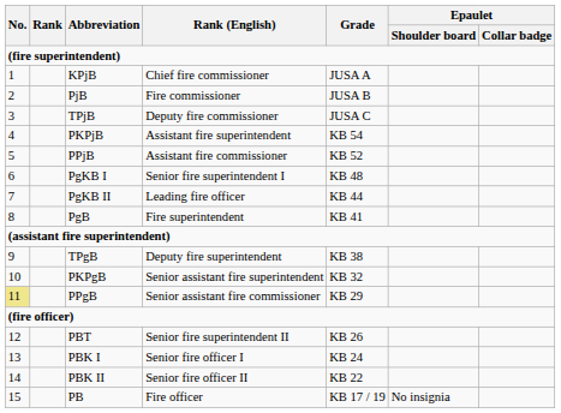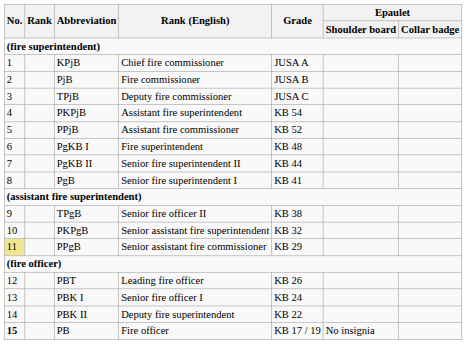 <table class="wikitable">
 <tr>
 <th rowspan="2">No.</th>
 <th rowspan="2">Rank</th>
 <th rowspan="2">Abbreviation</th>
 <th rowspan="2">Rank (English)</th>
 <th rowspan="2">Grade</th>
 <th colspan="2">Epaulet</th>
 </tr>
 <tr>
 <th>Shoulder board</th>
 <th>Collar badge</th>
 </tr>
 <tr>
 <td colspan="7"><strong> (fire superintendent)</strong></td>
 </tr>
 <tr>
 <td>1</td>
 <td></td>
 <td>KPjB</td>
 <td>Chief fire commissioner</td>
 <td>JUSA A</td>
 <td></td>
 <td></td>
 </tr>
 <tr>
 <td>2</td>
 <td></td>
 <td>PjB</td>
 <td>Fire commissioner</td>
 <td>JUSA B</td>
 <td></td>
 <td></td>
 </tr>
 <tr>
 <td>3</td>
 <td></td>
 <td>TPjB</td>
 <td>Deputy fire commissioner</td>
 <td>JUSA C</td>
 <td></td>
 <td></td>
 </tr>
 <tr>
 <td>4</td>
 <td></td>
 <td>PKPjB</td>
 <td>Assistant fire superintendent</td>
 <td>KB 54</td>
 <td></td>
 <td></td>
 </tr>
 <tr>
 <td>5</td>
 <td></td>
 <td>PPjB</td>
 <td>Assistant fire commissioner</td>
 <td>KB 52</td>
 <td></td>
 <td></td>
 </tr>
 <tr>
 <td>6</td>
 <td></td>
 <td>PgKB I</td>
-<td>Senior fire superintendent I</td>
+<td>Fire superintendent</td>
 <td>KB 48</td>
 <td></td>
 <td></td>
 </tr>
 <tr>
 <td>7</td>
 <td></td>
 <td>PgKB II</td>
-<td>Leading fire officer</td>
+<td>Senior fire superintendent II</td>
 <td>KB 44</td>
 <td></td>
 <td></td>
 </tr>
 <tr>
 <td>8</td>
 <td></td>
 <td>PgB</td>
-<td>Fire superintendent</td>
+<td>Senior fire superintendent I</td>
 <td>KB 41</td>
 <td></td>
 <td></td>
 </tr>
 <tr>
 <td colspan="7"><strong> (assistant fire superintendent)</strong></td>
 </tr>
 <tr>
 <td>9</td>
 <td></td>
 <td>TPgB</td>
-<td>Deputy fire superintendent</td>
+<td>Senior fire officer II</td>
 <td>KB 38</td>
 <td></td>
 <td></td>
 </tr>
 <tr>
 <td>10</td>
 <td></td>
 <td>PKPgB</td>
 <td>Senior assistant fire superintendent</td>
 <td>KB 32</td>
 <td></td>
 <td></td>
 </tr>
 <tr>
 <td style="background: khaki;">11</td>
 <td></td>
 <td>PPgB</td>
 <td>Senior assistant fire commissioner</td>
 <td>KB 29</td>
 <td></td>
 <td></td>
 </tr>
 <tr>
 <td colspan="7"><strong> (fire officer)</strong></td>
 </tr>
 <tr>
 <td>12</td>
 <td></td>
 <td>PBT</td>
-<td>Senior fire superintendent II</td>
+<td>Leading fire officer</td>
 <td>KB 26</td>
 <td></td>
 <td></td>
 </tr>
 <tr>
 <td>13</td>
 <td></td>
 <td>PBK I</td>
 <td>Senior fire officer I</td>
 <td>KB 24</td>
 <td></td>
 <td></td>
 </tr>
 <tr>
 <td>14</td>
 <td></td>
 <td>PBK II</td>
-<td>Senior fire officer II</td>
+<td>Deputy fire superintendent</td>
 <td>KB 22</td>
 <td></td>
 <td></td>
 </tr>
 <tr>
-<td>15</td>
+<td><strong>15</strong></td>
 <td></td>
 <td>PB</td>
 <td>Fire officer</td>
 <td>KB 17 / 19</td>
 <td>No insignia</td>
 <td></td>
 </tr>
 </table>
